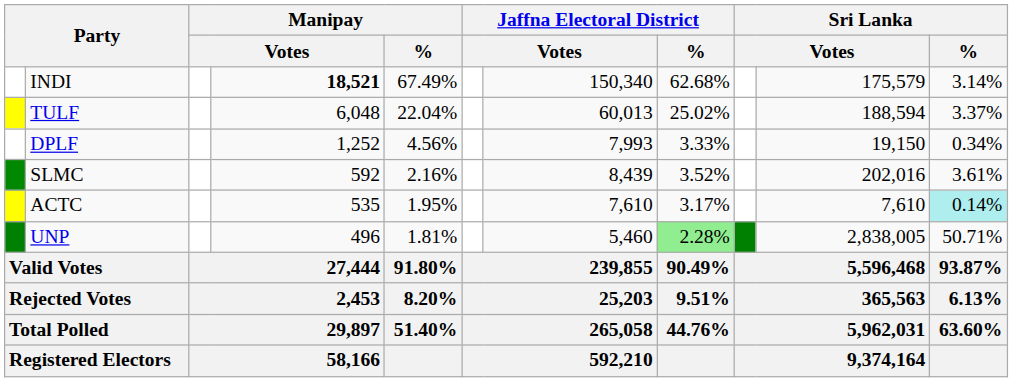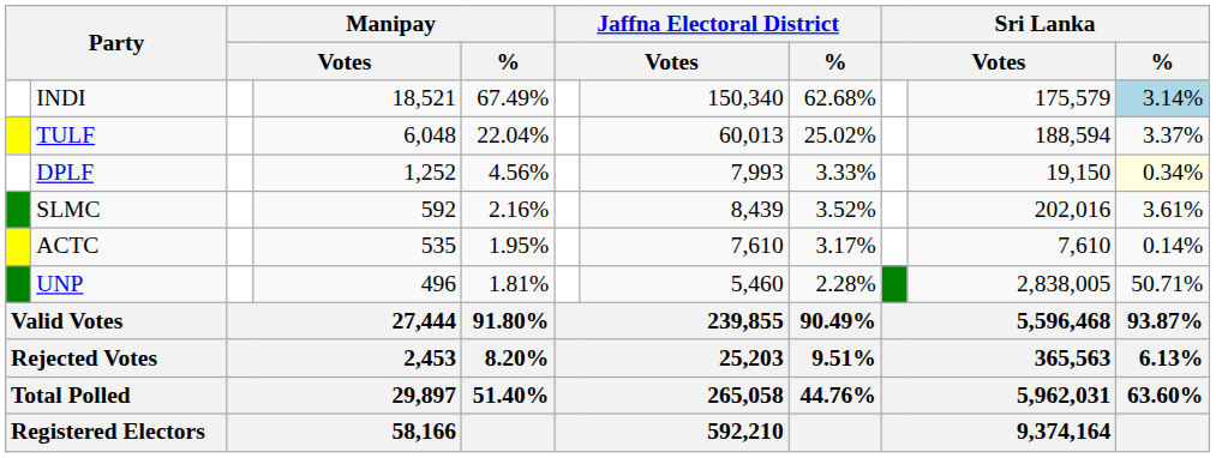 <table class="wikitable">
 <tr>
 <th colspan="2" width="144px"rowspan="2">Party</th>
 <th colspan="3" width="216px">Manipay</th>
 <th colspan="3" width="216px"><a href='#'>Jaffna Electoral District</a></th>
 <th colspan="3" width="216px">Sri Lanka</th>
 </tr>
 <tr>
 <th colspan="2" width="144px">Votes</th>
 <th>%</th>
 <th colspan="2" width="144px">Votes</th>
 <th>%</th>
 <th colspan="2" width="144px">Votes</th>
 <th>%</th>
 </tr>
 <tr>
 <td style="background-color:white;" width="10px"></td>
 <td style="text-align:left;">INDI</td>
 <td style="background-color:white;" width="10px"></td>
-<td style="text-align:right;"><strong>18,521</strong></td>
+<td style="text-align:right;">18,521</td>
 <td style="text-align:right;">67.49%</td>
 <td style="background-color:white;" width="10px"></td>
 <td style="text-align:right;">150,340</td>
 <td style="text-align:right;">62.68%</td>
 <td style="background-color:white;" width="10px"></td>
 <td style="text-align:right;">175,579</td>
-<td style="text-align:right;">3.14%</td>
+<td style="background: lightblue; text-align:right;">3.14%</td>
 </tr>
 <tr>
 <td style="background-color:yellow;" width="10px"></td>
 <td style="text-align:left;"><a href='#'>TULF</a></td>
 <td style="background-color:white;" width="10px"></td>
 <td style="text-align:right;">6,048</td>
 <td style="text-align:right;">22.04%</td>
 <td style="background-color:white;" width="10px"></td>
 <td style="text-align:right;">60,013</td>
 <td style="text-align:right;">25.02%</td>
 <td style="background-color:white;" width="10px"></td>
 <td style="text-align:right;">188,594</td>
 <td style="text-align:right;">3.37%</td>
 </tr>
 <tr>
 <td style="background-color:white;" width="10px"></td>
 <td style="text-align:left;"><a href='#'>DPLF</a></td>
 <td style="background-color:white;" width="10px"></td>
 <td style="text-align:right;">1,252</td>
 <td style="text-align:right;">4.56%</td>
 <td style="background-color:white;" width="10px"></td>
 <td style="text-align:right;">7,993</td>
 <td style="text-align:right;">3.33%</td>
 <td style="background-color:white;" width="10px"></td>
 <td style="text-align:right;">19,150</td>
-<td style="text-align:right;">0.34%</td>
+<td style="background: lightyellow; text-align:right;">0.34%</td>
 </tr>
 <tr>
 <td style="background-color:#008800;" width="10px"></td>
 <td style="text-align:left;">SLMC</td>
 <td style="background-color:white;" width="10px"></td>
 <td style="text-align:right;">592</td>
 <td style="text-align:right;">2.16%</td>
 <td style="background-color:white;" width="10px"></td>
 <td style="text-align:right;">8,439</td>
 <td style="text-align:right;">3.52%</td>
 <td style="background-color:white;" width="10px"></td>
 <td style="text-align:right;">202,016</td>
 <td style="text-align:right;">3.61%</td>
 </tr>
 <tr>
 <td style="background-color:yellow;" width="10px"></td>
 <td style="text-align:left;">ACTC</td>
 <td style="background-color:white;" width="10px"></td>
 <td style="text-align:right;">535</td>
 <td style="text-align:right;">1.95%</td>
 <td style="background-color:white;" width="10px"></td>
 <td style="text-align:right;">7,610</td>
 <td style="text-align:right;">3.17%</td>
 <td style="background-color:white;" width="10px"></td>
 <td style="text-align:right;">7,610</td>
-<td style="background: paleturquoise; text-align:right;">0.14%</td>
+<td style="text-align:right;">0.14%</td>
 </tr>
 <tr>
 <td style="background-color:green;" width="10px"></td>
 <td style="text-align:left;"><a href='#'>UNP</a></td>
 <td style="background-color:white;" width="10px"></td>
 <td style="text-align:right;">496</td>
 <td style="text-align:right;">1.81%</td>
 <td style="background-color:white;" width="10px"></td>
 <td style="text-align:right;">5,460</td>
-<td style="background: lightgreen; text-align:right;">2.28%</td>
+<td style="text-align:right;">2.28%</td>
 <td style="background-color:green;" width="10px"></td>
 <td style="text-align:right;">2,838,005</td>
 <td style="text-align:right;">50.71%</td>
 </tr>
 <tr>
 <th colspan="2" width="144px"style="text-align:left;">Valid Votes</th>
 <th style="text-align:right;"colspan="2" width="144px">27,444</th>
 <th style="text-align:right;">91.80%</th>
 <th style="text-align:right;"colspan="2" width="144px">239,855</th>
 <th style="text-align:right;">90.49%</th>
 <th style="text-align:right;"colspan="2" width="144px">5,596,468</th>
 <th style="text-align:right;">93.87%</th>
 </tr>
 <tr>
 <th colspan="2" width="144px"style="text-align:left;">Rejected Votes</th>
 <th style="text-align:right;"colspan="2" width="144px">2,453</th>
 <th style="text-align:right;">8.20%</th>
 <th style="text-align:right;"colspan="2" width="144px">25,203</th>
 <th style="text-align:right;">9.51%</th>
 <th style="text-align:right;"colspan="2" width="144px">365,563</th>
 <th style="text-align:right;">6.13%</th>
 </tr>
 <tr>
 <th colspan="2" width="144px"style="text-align:left;">Total Polled</th>
 <th style="text-align:right;"colspan="2" width="144px">29,897</th>
 <th style="text-align:right;">51.40%</th>
 <th style="text-align:right;"colspan="2" width="144px">265,058</th>
 <th style="text-align:right;">44.76%</th>
 <th style="text-align:right;"colspan="2" width="144px">5,962,031</th>
 <th style="text-align:right;">63.60%</th>
 </tr>
 <tr>
 <th colspan="2" width="144px"style="text-align:left;">Registered Electors</th>
 <th style="text-align:right;"colspan="2" width="144px">58,166</th>
 <th></th>
 <th style="text-align:right;"colspan="2" width="144px">592,210</th>
 <th></th>
 <th style="text-align:right;"colspan="2" width="144px">9,374,164</th>
 <th></th>
 </tr>
 </table>
